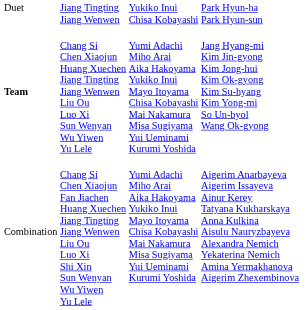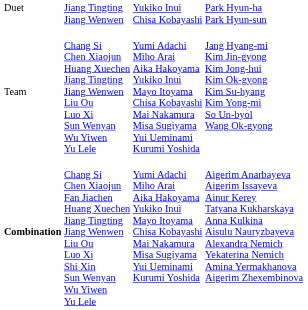 <table>
 <tr>
 <td>Duet<br></td>
 <td><br><a href='#'>Jiang Tingting</a><br><a href='#'>Jiang Wenwen</a></td>
 <td><br><a href='#'>Yukiko Inui</a><br><a href='#'>Chisa Kobayashi</a></td>
 <td><br><a href='#'>Park Hyun-ha</a><br><a href='#'>Park Hyun-sun</a></td>
 </tr>
 <tr>
-<td><strong>Team<br></strong></td>
+<td>Team<br></td>
 <td><br><a href='#'>Chang Si</a><br><a href='#'>Chen Xiaojun</a><br><a href='#'>Huang Xuechen</a><br><a href='#'>Jiang Tingting</a><br><a href='#'>Jiang Wenwen</a><br><a href='#'>Liu Ou</a><br><a href='#'>Luo Xi</a><br><a href='#'>Sun Wenyan</a><br><a href='#'>Wu Yiwen</a><br><a href='#'>Yu Lele</a></td>
 <td><br><a href='#'>Yumi Adachi</a><br><a href='#'>Miho Arai</a><br><a href='#'>Aika Hakoyama</a><br><a href='#'>Yukiko Inui</a><br><a href='#'>Mayo Itoyama</a><br><a href='#'>Chisa Kobayashi</a><br><a href='#'>Mai Nakamura</a><br><a href='#'>Misa Sugiyama</a><br><a href='#'>Yui Ueminami</a><br><a href='#'>Kurumi Yoshida</a></td>
 <td valign=top><br><a href='#'>Jang Hyang-mi</a><br><a href='#'>Kim Jin-gyong</a><br><a href='#'>Kim Jong-hui</a><br><a href='#'>Kim Ok-gyong</a><br><a href='#'>Kim Su-hyang</a><br><a href='#'>Kim Yong-mi</a><br><a href='#'>So Un-byol</a><br><a href='#'>Wang Ok-gyong</a></td>
 </tr>
 <tr>
-<td>Combination<br></td>
+<td><strong>Combination<br></strong></td>
 <td><br><a href='#'>Chang Si</a><br><a href='#'>Chen Xiaojun</a><br><a href='#'>Fan Jiachen</a><br><a href='#'>Huang Xuechen</a><br><a href='#'>Jiang Tingting</a><br><a href='#'>Jiang Wenwen</a><br><a href='#'>Liu Ou</a><br><a href='#'>Luo Xi</a><br><a href='#'>Shi Xin</a><br><a href='#'>Sun Wenyan</a><br><a href='#'>Wu Yiwen</a><br><a href='#'>Yu Lele</a></td>
 <td valign=top><br><a href='#'>Yumi Adachi</a><br><a href='#'>Miho Arai</a><br><a href='#'>Aika Hakoyama</a><br><a href='#'>Yukiko Inui</a><br><a href='#'>Mayo Itoyama</a><br><a href='#'>Chisa Kobayashi</a><br><a href='#'>Mai Nakamura</a><br><a href='#'>Misa Sugiyama</a><br><a href='#'>Yui Ueminami</a><br><a href='#'>Kurumi Yoshida</a></td>
 <td valign=top><br><a href='#'>Aigerim Anarbayeva</a><br><a href='#'>Aigerim Issayeva</a><br><a href='#'>Ainur Kerey</a><br><a href='#'>Tatyana Kukharskaya</a><br><a href='#'>Anna Kulkina</a><br><a href='#'>Aisulu Nauryzbayeva</a><br><a href='#'>Alexandra Nemich</a><br><a href='#'>Yekaterina Nemich</a><br><a href='#'>Amina Yermakhanova</a><br><a href='#'>Aigerim Zhexembinova</a></td>
 </tr>
 </table>
